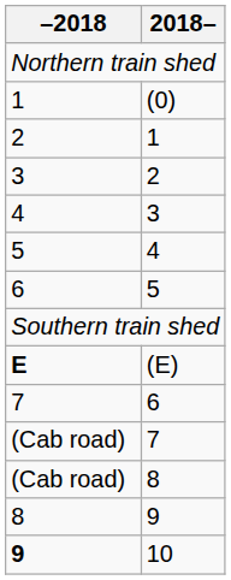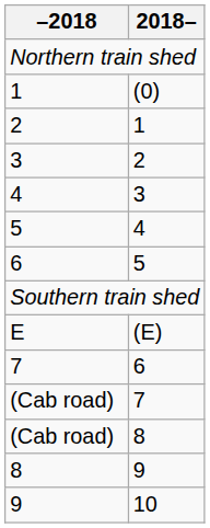 <table class="wikitable floatright">
 <tr>
 <th>–2018</th>
 <th>2018–</th>
 </tr>
 <tr>
 <td colspan="2"><em>Northern train shed</em></td>
 </tr>
 <tr>
 <td>1</td>
 <td>(0)</td>
 </tr>
 <tr>
 <td>2</td>
 <td>1</td>
 </tr>
 <tr>
 <td>3</td>
 <td>2</td>
 </tr>
 <tr>
 <td>4</td>
 <td>3</td>
 </tr>
 <tr>
 <td>5</td>
 <td>4</td>
 </tr>
 <tr>
 <td>6</td>
 <td>5</td>
 </tr>
 <tr>
 <td colspan="2"><em>Southern train shed</em></td>
 </tr>
 <tr>
-<td><strong>E</strong></td>
+<td>E</td>
 <td>(E)</td>
 </tr>
 <tr>
 <td>7</td>
 <td>6</td>
 </tr>
 <tr>
 <td>(Cab road)</td>
 <td>7</td>
 </tr>
 <tr>
 <td>(Cab road)</td>
 <td>8</td>
 </tr>
 <tr>
 <td>8</td>
 <td>9</td>
 </tr>
 <tr>
-<td><strong>9</strong></td>
+<td>9</td>
 <td>10</td>
 </tr>
 </table>
